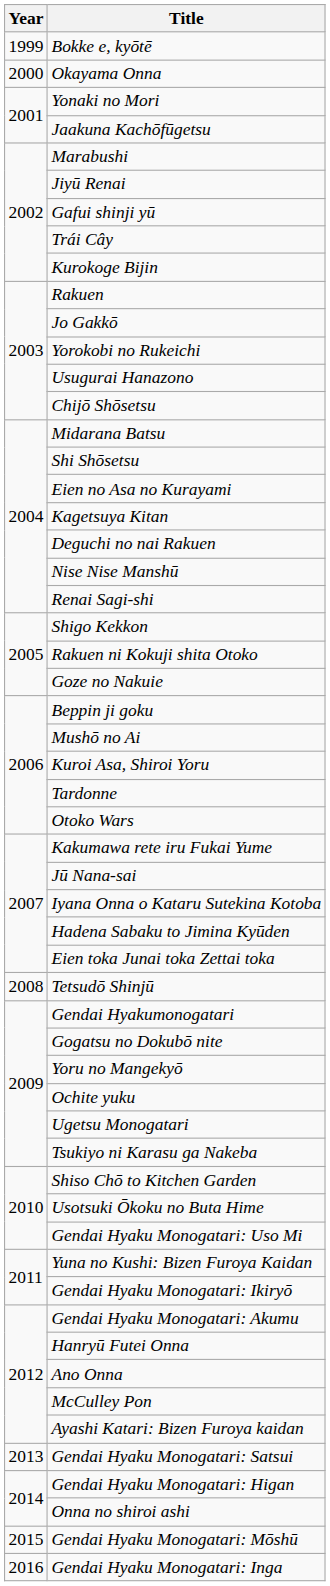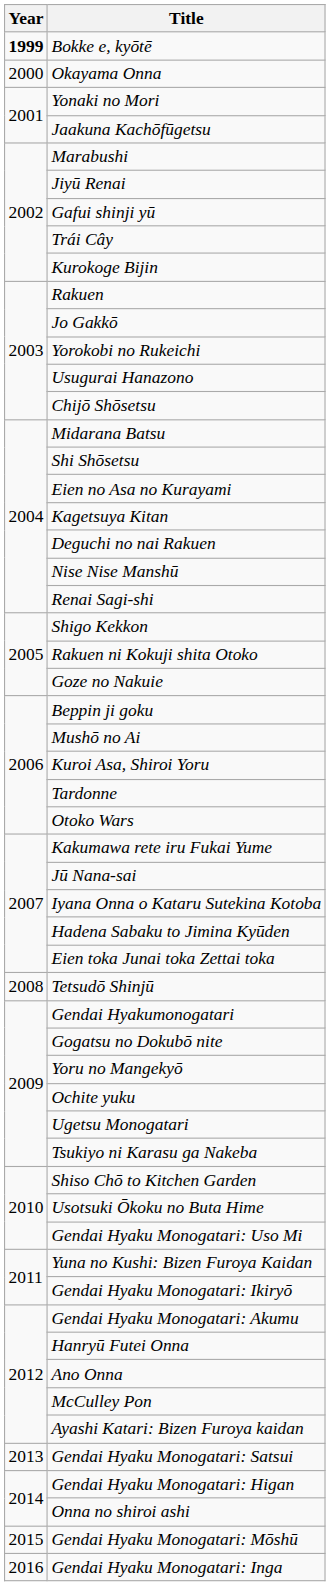 <table class="wikitable">
 <tr>
 <th>Year</th>
 <th>Title</th>
 </tr>
 <tr>
-<td>1999</td>
+<td><strong>1999</strong></td>
 <td><em>Bokke e, kyōtē</em></td>
 </tr>
 <tr>
 <td>2000</td>
 <td><em>Okayama Onna</em></td>
 </tr>
 <tr>
 <td rowspan="2">2001</td>
 <td><em>Yonaki no Mori</em></td>
 </tr>
 <tr>
 <td><em>Jaakuna Kachōfūgetsu</em></td>
 </tr>
 <tr>
 <td rowspan="5">2002</td>
 <td><em>Marabushi</em></td>
 </tr>
 <tr>
 <td><em>Jiyū Renai</em></td>
 </tr>
 <tr>
 <td><em>Gafui shinji yū</em></td>
 </tr>
 <tr>
 <td><em>Trái Cây</em></td>
 </tr>
 <tr>
 <td><em>Kurokoge Bijin</em></td>
 </tr>
 <tr>
 <td rowspan="5">2003</td>
 <td><em>Rakuen</em></td>
 </tr>
 <tr>
 <td><em>Jo Gakkō</em></td>
 </tr>
 <tr>
 <td><em>Yorokobi no Rukeichi</em></td>
 </tr>
 <tr>
 <td><em>Usugurai Hanazono</em></td>
 </tr>
 <tr>
 <td><em>Chijō Shōsetsu</em></td>
 </tr>
 <tr>
 <td rowspan="7">2004</td>
 <td><em>Midarana Batsu</em></td>
 </tr>
 <tr>
 <td><em>Shi Shōsetsu</em></td>
 </tr>
 <tr>
 <td><em>Eien no Asa no Kurayami</em></td>
 </tr>
 <tr>
 <td><em>Kagetsuya Kitan</em></td>
 </tr>
 <tr>
 <td><em>Deguchi no nai Rakuen</em></td>
 </tr>
 <tr>
 <td><em>Nise Nise Manshū</em></td>
 </tr>
 <tr>
 <td><em>Renai Sagi-shi</em></td>
 </tr>
 <tr>
 <td rowspan="3">2005</td>
 <td><em>Shigo Kekkon</em></td>
 </tr>
 <tr>
 <td><em>Rakuen ni Kokuji shita Otoko</em></td>
 </tr>
 <tr>
 <td><em>Goze no Nakuie</em></td>
 </tr>
 <tr>
 <td rowspan="5">2006</td>
 <td><em>Beppin ji goku</em></td>
 </tr>
 <tr>
 <td><em>Mushō no Ai</em></td>
 </tr>
 <tr>
 <td><em>Kuroi Asa, Shiroi Yoru</em></td>
 </tr>
 <tr>
 <td><em>Tardonne</em></td>
 </tr>
 <tr>
 <td><em>Otoko Wars</em></td>
 </tr>
 <tr>
 <td rowspan="5">2007</td>
 <td><em>Kakumawa rete iru Fukai Yume</em></td>
 </tr>
 <tr>
 <td><em>Jū Nana-sai</em></td>
 </tr>
 <tr>
 <td><em>Iyana Onna o Kataru Sutekina Kotoba</em></td>
 </tr>
 <tr>
 <td><em>Hadena Sabaku to Jimina Kyūden</em></td>
 </tr>
 <tr>
 <td><em>Eien toka Junai toka Zettai toka</em></td>
 </tr>
 <tr>
 <td>2008</td>
 <td><em>Tetsudō Shinjū</em></td>
 </tr>
 <tr>
 <td rowspan="6">2009</td>
 <td><em>Gendai Hyakumonogatari</em></td>
 </tr>
 <tr>
 <td><em>Gogatsu no Dokubō nite</em></td>
 </tr>
 <tr>
 <td><em>Yoru no Mangekyō</em></td>
 </tr>
 <tr>
 <td><em>Ochite yuku</em></td>
 </tr>
 <tr>
 <td><em>Ugetsu Monogatari</em></td>
 </tr>
 <tr>
 <td><em>Tsukiyo ni Karasu ga Nakeba</em></td>
 </tr>
 <tr>
 <td rowspan="3">2010</td>
 <td><em>Shiso Chō to Kitchen Garden</em></td>
 </tr>
 <tr>
 <td><em>Usotsuki Ōkoku no Buta Hime</em></td>
 </tr>
 <tr>
 <td><em>Gendai Hyaku Monogatari: Uso Mi</em></td>
 </tr>
 <tr>
 <td rowspan="2">2011</td>
 <td><em>Yuna no Kushi: Bizen Furoya Kaidan</em></td>
 </tr>
 <tr>
 <td><em>Gendai Hyaku Monogatari: Ikiryō</em></td>
 </tr>
 <tr>
 <td rowspan="5">2012</td>
 <td><em>Gendai Hyaku Monogatari: Akumu</em></td>
 </tr>
 <tr>
 <td><em>Hanryū Futei Onna</em></td>
 </tr>
 <tr>
 <td><em>Ano Onna</em></td>
 </tr>
 <tr>
 <td><em>McCulley Pon</em></td>
 </tr>
 <tr>
 <td><em>Ayashi Katari: Bizen Furoya kaidan</em></td>
 </tr>
 <tr>
 <td>2013</td>
 <td><em>Gendai Hyaku Monogatari: Satsui</em></td>
 </tr>
 <tr>
 <td rowspan="2">2014</td>
 <td><em>Gendai Hyaku Monogatari: Higan</em></td>
 </tr>
 <tr>
 <td><em>Onna no shiroi ashi</em></td>
 </tr>
 <tr>
 <td>2015</td>
 <td><em>Gendai Hyaku Monogatari: Mōshū</em></td>
 </tr>
 <tr>
 <td>2016</td>
 <td><em>Gendai Hyaku Monogatari: Inga</em></td>
 </tr>
 </table>
